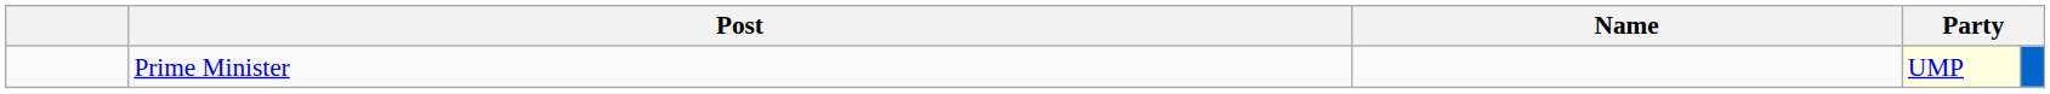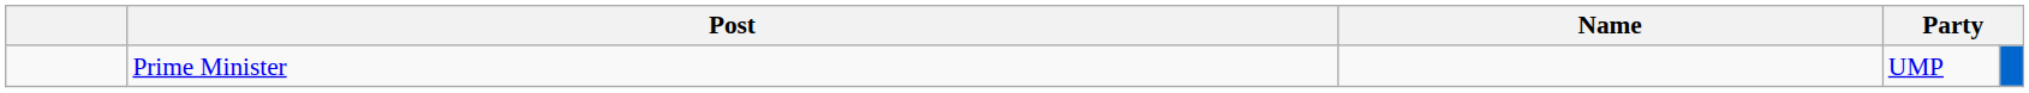 <table class="wikitable sortable" style="width:100%;">
 <tr>
 <th class="unsortable"></th>
 <th width=60%>Post</th>
 <th width=27%>Name</th>
 <th colspan="2" width="7%">Party</th>
 </tr>
 <tr>
 <td></td>
 <td><a href='#'>Prime Minister</a></td>
 <td></td>
-<td style="background: lightyellow;"><a href='#'>UMP</a></td>
+<td><a href='#'>UMP</a></td>
 <td style="width:1px;; background:#0066cc;"></td>
 </tr>
 </table>
